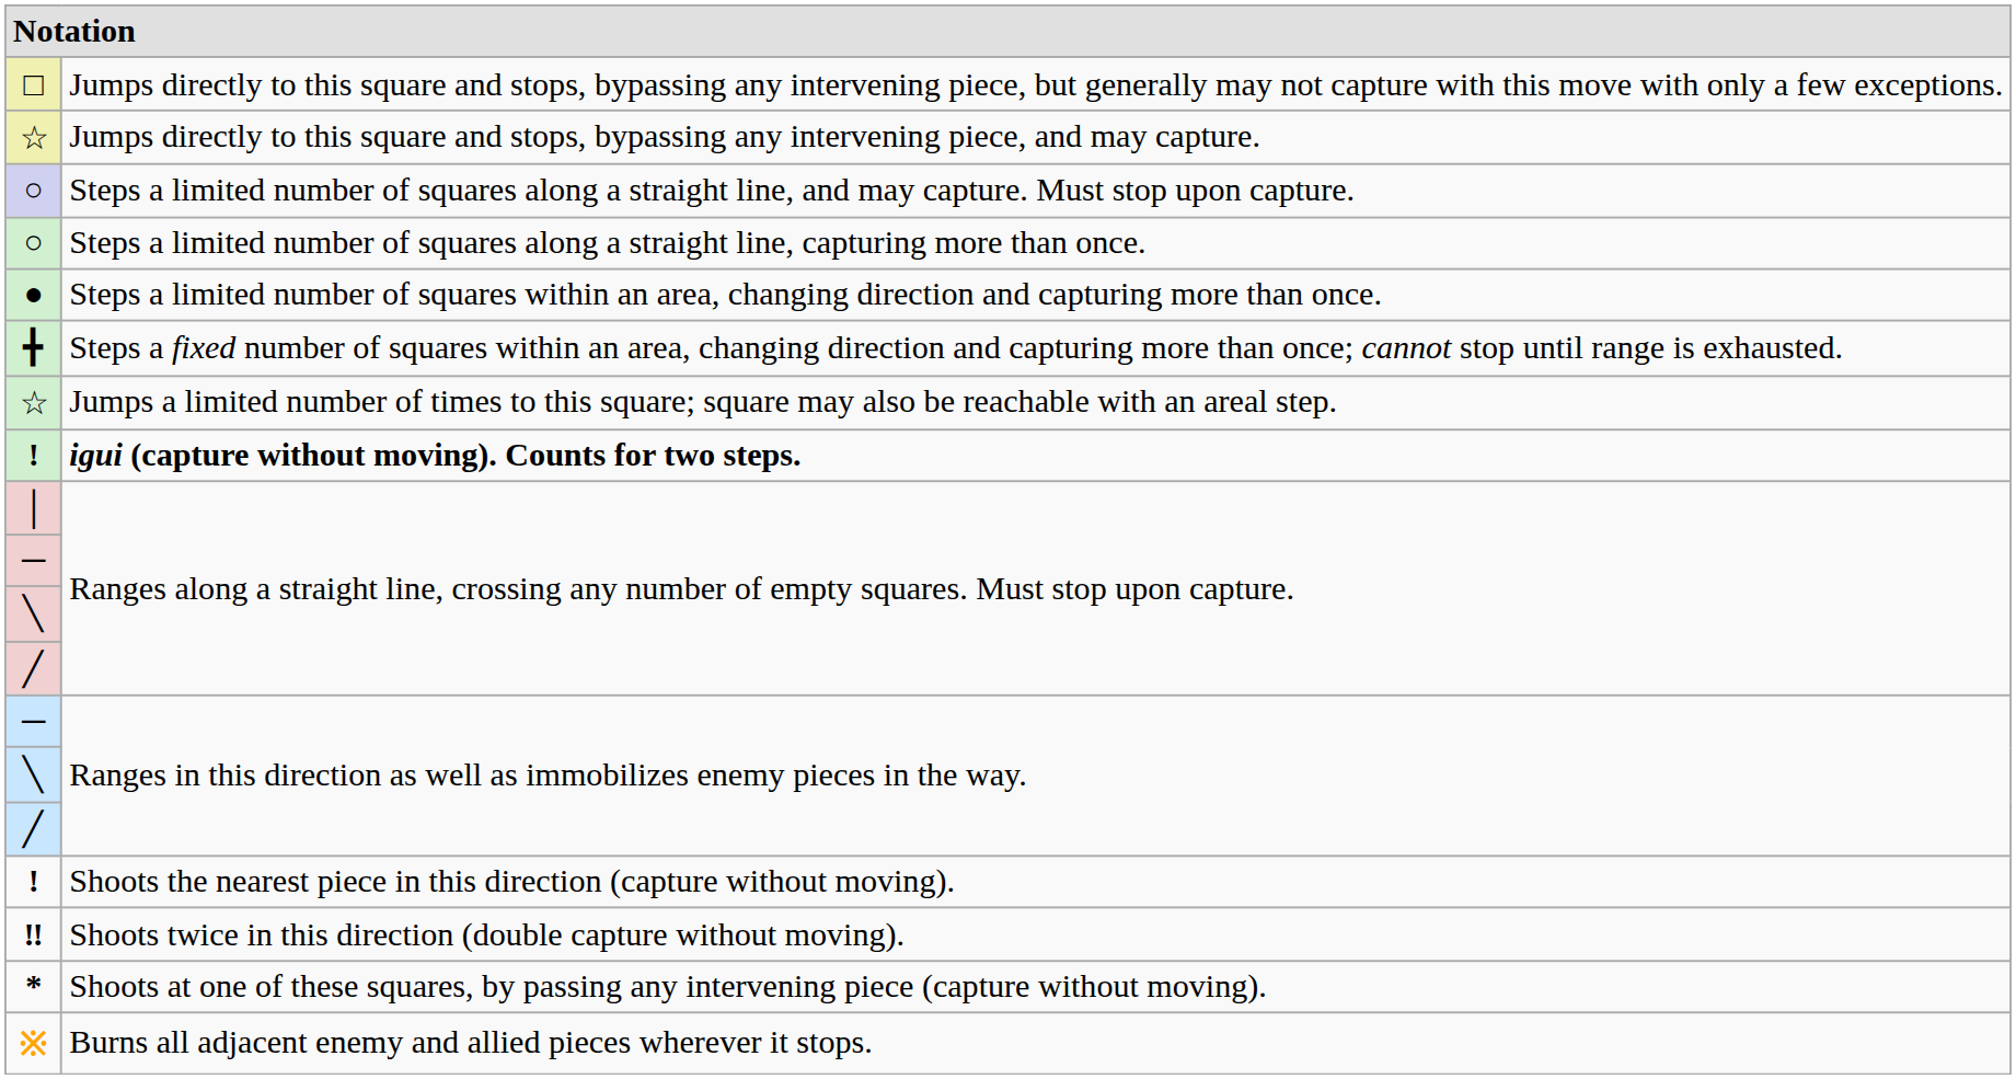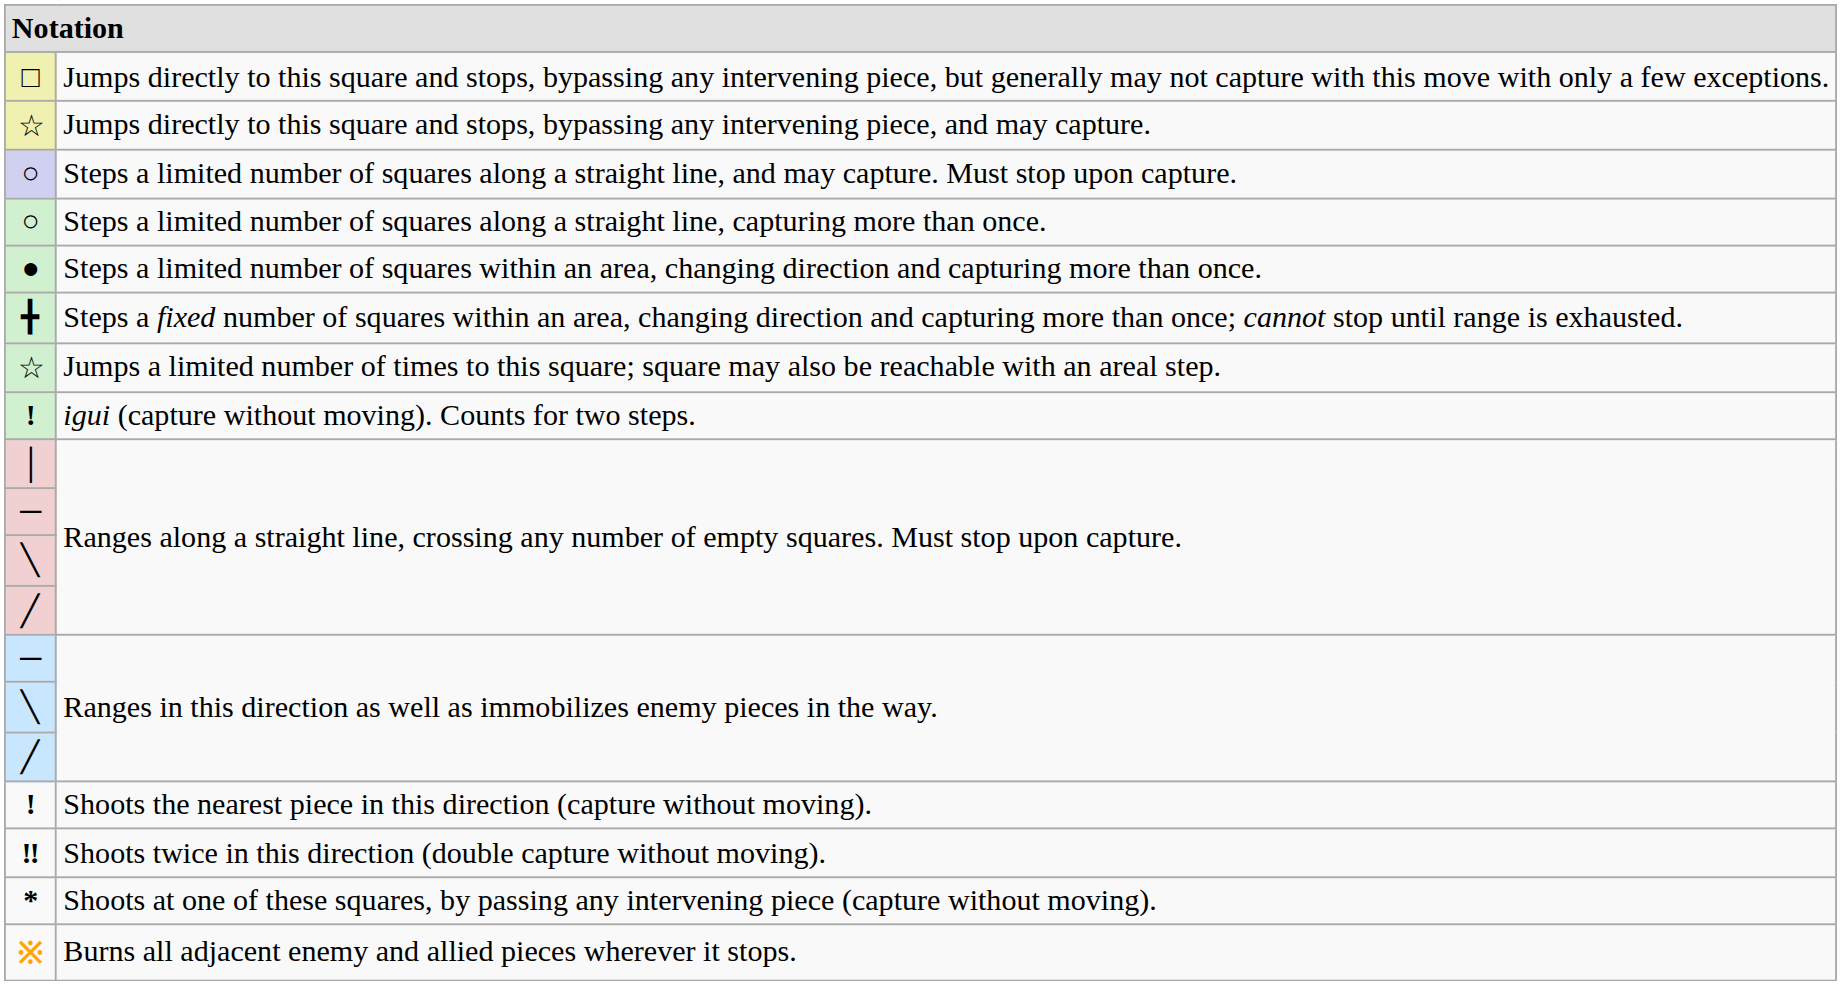 <table border="1" class="wikitable">
 <tr>
 <td colspan="2" bgcolor="#e0e0e0"><strong>Notation</strong></td>
 </tr>
 <tr>
 <td align=center width="20" bgcolor="#f0f0b0">□</td>
 <td>Jumps directly to this square and stops, bypassing any intervening piece, but generally may not capture with this move with only a few exceptions.</td>
 </tr>
 <tr>
 <td align=center width="20" bgcolor="#f0f0b0">☆</td>
 <td>Jumps directly to this square and stops, bypassing any intervening piece, and may capture.</td>
 </tr>
 <tr>
 <td align=center width="20" bgcolor="#d0d0f0">○</td>
 <td>Steps a limited number of squares along a straight line, and may capture. Must stop upon capture.</td>
 </tr>
 <tr>
 <td align=center width="20" bgcolor="#d0f0d0">○</td>
 <td>Steps a limited number of squares along a straight line, capturing more than once.</td>
 </tr>
 <tr>
 <td align=center width="20" bgcolor="#d0f0d0">●</td>
 <td>Steps a limited number of squares within an area, changing direction and capturing more than once.</td>
 </tr>
 <tr>
 <td align=center width="20" bgcolor="#d0f0d0">╋</td>
 <td>Steps a <em>fixed</em> number of squares within an area, changing direction and capturing more than once; <em>cannot</em> stop until range is exhausted.</td>
 </tr>
 <tr>
 <td align=center width="20" bgcolor="#d0f0d0">☆</td>
 <td>Jumps a limited number of times to this square; square may also be reachable with an areal step.</td>
 </tr>
 <tr>
 <td align=center width="20" bgcolor="#d0f0d0"><strong>!</strong></td>
-<td><strong><em>igui</em> (capture without moving). Counts for two steps.</strong></td>
+<td><em>igui</em> (capture without moving). Counts for two steps.</td>
 </tr>
 <tr>
 <td align=center width="20" bgcolor="#f0d0d0">│</td>
 <td rowspan=4>Ranges along a straight line, crossing any number of empty squares. Must stop upon capture.</td>
 </tr>
 <tr>
 <td align=center width="20" bgcolor="#f0d0d0">─</td>
 </tr>
 <tr>
 <td align=center width="20" bgcolor="#f0d0d0">╲</td>
 </tr>
 <tr>
 <td align=center width="20" bgcolor="#f0d0d0">╱</td>
 </tr>
 <tr>
 <td align=center width="20" bgcolor="#c9e6ff">─</td>
 <td rowspan=3>Ranges in this direction as well as immobilizes enemy pieces in the way.</td>
 </tr>
 <tr>
 <td align=center width="20" bgcolor="#c9e6ff">╲</td>
 </tr>
 <tr>
 <td align=center width="20" bgcolor="#c9e6ff">╱</td>
 </tr>
 <tr>
 <td align=center width="20"><strong>!</strong></td>
 <td>Shoots the nearest piece in this direction (capture without moving).</td>
 </tr>
 <tr>
 <td align=center width="20"><strong>‼</strong></td>
 <td>Shoots twice in this direction (double capture without moving).</td>
 </tr>
 <tr>
 <td align=center width="20"><strong>*</strong></td>
 <td>Shoots at one of these squares, by passing any intervening piece (capture without moving).</td>
 </tr>
 <tr>
 <td align=center width="20" style="color:orange"><strong>※</strong></td>
 <td>Burns all adjacent enemy and allied pieces wherever it stops.</td>
 </tr>
 </table>
